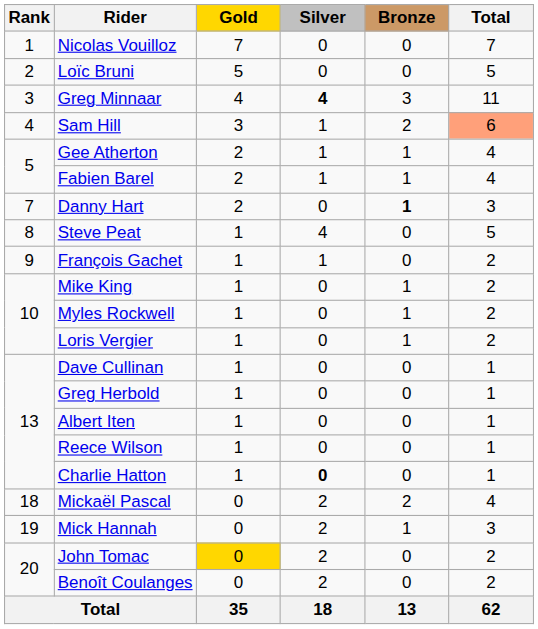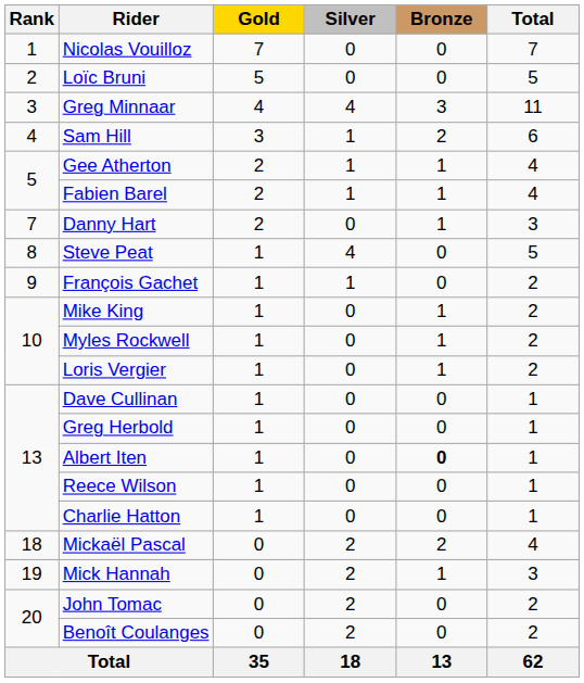 <table class="wikitable" style="text-align:center">
 <tr>
 <th scope=col>Rank</th>
 <th scope=col>Rider</th>
 <th scope=col style="background:gold; width:4.5em; font-weight:bold;">Gold</th>
 <th scope=col style="background:silver; width:4.5em; font-weight:bold;">Silver</th>
 <th scope=col style="background:#cc9966; width:4.5em; font-weight:bold;">Bronze</th>
 <th scope=col style="width:4.5em;">Total</th>
 </tr>
 <tr>
 <td>1</td>
 <td align=left> <a href='#'>Nicolas Vouilloz</a></td>
 <td>7</td>
 <td>0</td>
 <td>0</td>
 <td>7</td>
 </tr>
 <tr>
 <td>2</td>
 <td align=left> <a href='#'>Loïc Bruni</a></td>
 <td>5</td>
 <td>0</td>
 <td>0</td>
 <td>5</td>
 </tr>
 <tr>
 <td>3</td>
 <td align=left> <a href='#'>Greg Minnaar</a></td>
 <td>4</td>
-<td><strong>4</strong></td>
+<td>4</td>
 <td>3</td>
 <td>11</td>
 </tr>
 <tr>
 <td>4</td>
 <td align="left"> <a href='#'>Sam Hill</a></td>
 <td>3</td>
 <td>1</td>
 <td>2</td>
-<td style="background: lightsalmon;">6</td>
+<td>6</td>
 </tr>
 <tr>
 <td rowspan="2">5</td>
 <td align="left"> <a href='#'>Gee Atherton</a></td>
 <td>2</td>
 <td>1</td>
 <td>1</td>
 <td>4</td>
 </tr>
 <tr>
 <td align=left> <a href='#'>Fabien Barel</a></td>
 <td>2</td>
 <td>1</td>
 <td>1</td>
 <td>4</td>
 </tr>
 <tr>
 <td>7</td>
 <td align="left"> <a href='#'>Danny Hart</a></td>
 <td>2</td>
 <td>0</td>
-<td><strong>1</strong></td>
+<td>1</td>
 <td>3</td>
 </tr>
 <tr>
 <td>8</td>
 <td align=left> <a href='#'>Steve Peat</a></td>
 <td>1</td>
 <td>4</td>
 <td>0</td>
 <td>5</td>
 </tr>
 <tr>
 <td>9</td>
 <td align=left> <a href='#'>François Gachet</a></td>
 <td>1</td>
 <td>1</td>
 <td>0</td>
 <td>2</td>
 </tr>
 <tr>
 <td rowspan=3>10</td>
 <td align=left> <a href='#'>Mike King</a></td>
 <td>1</td>
 <td>0</td>
 <td>1</td>
 <td>2</td>
 </tr>
 <tr>
 <td align=left> <a href='#'>Myles Rockwell</a></td>
 <td>1</td>
 <td>0</td>
 <td>1</td>
 <td>2</td>
 </tr>
 <tr>
 <td align=left> <a href='#'>Loris Vergier</a></td>
 <td>1</td>
 <td>0</td>
 <td>1</td>
 <td>2</td>
 </tr>
 <tr>
 <td rowspan=5>13</td>
 <td align=left> <a href='#'>Dave Cullinan</a></td>
 <td>1</td>
 <td>0</td>
 <td>0</td>
 <td>1</td>
 </tr>
 <tr>
 <td align=left> <a href='#'>Greg Herbold</a></td>
 <td>1</td>
 <td>0</td>
 <td>0</td>
 <td>1</td>
 </tr>
 <tr>
 <td align=left> <a href='#'>Albert Iten</a></td>
 <td>1</td>
 <td>0</td>
-<td>0</td>
+<td><strong>0</strong></td>
 <td>1</td>
 </tr>
 <tr>
 <td align=left> <a href='#'>Reece Wilson</a></td>
 <td>1</td>
 <td>0</td>
 <td>0</td>
 <td>1</td>
 </tr>
 <tr>
 <td align=left> <a href='#'>Charlie Hatton</a></td>
 <td>1</td>
-<td><strong>0</strong></td>
+<td>0</td>
 <td>0</td>
 <td>1</td>
 </tr>
 <tr>
 <td>18</td>
 <td align=left> <a href='#'>Mickaël Pascal</a></td>
 <td>0</td>
 <td>2</td>
 <td>2</td>
 <td>4</td>
 </tr>
 <tr>
 <td>19</td>
 <td align=left> <a href='#'>Mick Hannah</a></td>
 <td>0</td>
 <td>2</td>
 <td>1</td>
 <td>3</td>
 </tr>
 <tr>
 <td rowspan=2>20</td>
 <td align=left> <a href='#'>John Tomac</a></td>
-<td style="background: gold;">0</td>
+<td>0</td>
 <td>2</td>
 <td>0</td>
 <td>2</td>
 </tr>
 <tr>
 <td align=left> <a href='#'>Benoît Coulanges</a></td>
 <td>0</td>
 <td>2</td>
 <td>0</td>
 <td>2</td>
 </tr>
 <tr class="sortbottom">
 <th colspan=2>Total</th>
 <th>35</th>
 <th>18</th>
 <th>13</th>
 <th>62</th>
 </tr>
 </table>
